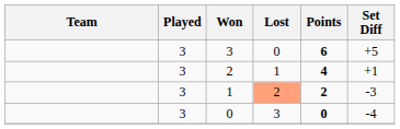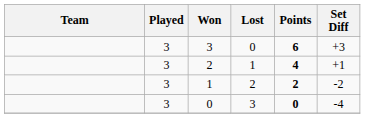 <table class=wikitable style="text-align:center">
 <tr>
 <th width=180>Team</th>
 <th width=50>Played</th>
 <th width=50>Won</th>
 <th width=50>Lost</th>
 <th width=50>Points</th>
 <th width=50>Set Diff</th>
 </tr>
 <tr>
 <td align=left></td>
 <td>3</td>
 <td>3</td>
 <td>0</td>
 <td><strong>6</strong></td>
-<td>+5</td>
+<td>+3</td>
 </tr>
 <tr>
 <td align=left></td>
 <td>3</td>
 <td>2</td>
 <td>1</td>
 <td><strong>4</strong></td>
 <td>+1</td>
 </tr>
 <tr>
 <td align=left></td>
 <td>3</td>
 <td>1</td>
-<td style="background: lightsalmon;">2</td>
+<td>2</td>
 <td><strong>2</strong></td>
-<td>-3</td>
+<td>-2</td>
 </tr>
 <tr>
 <td align=left></td>
 <td>3</td>
 <td>0</td>
 <td>3</td>
 <td><strong>0</strong></td>
 <td>-4</td>
 </tr>
 <tr>
 </tr>
 </table>
